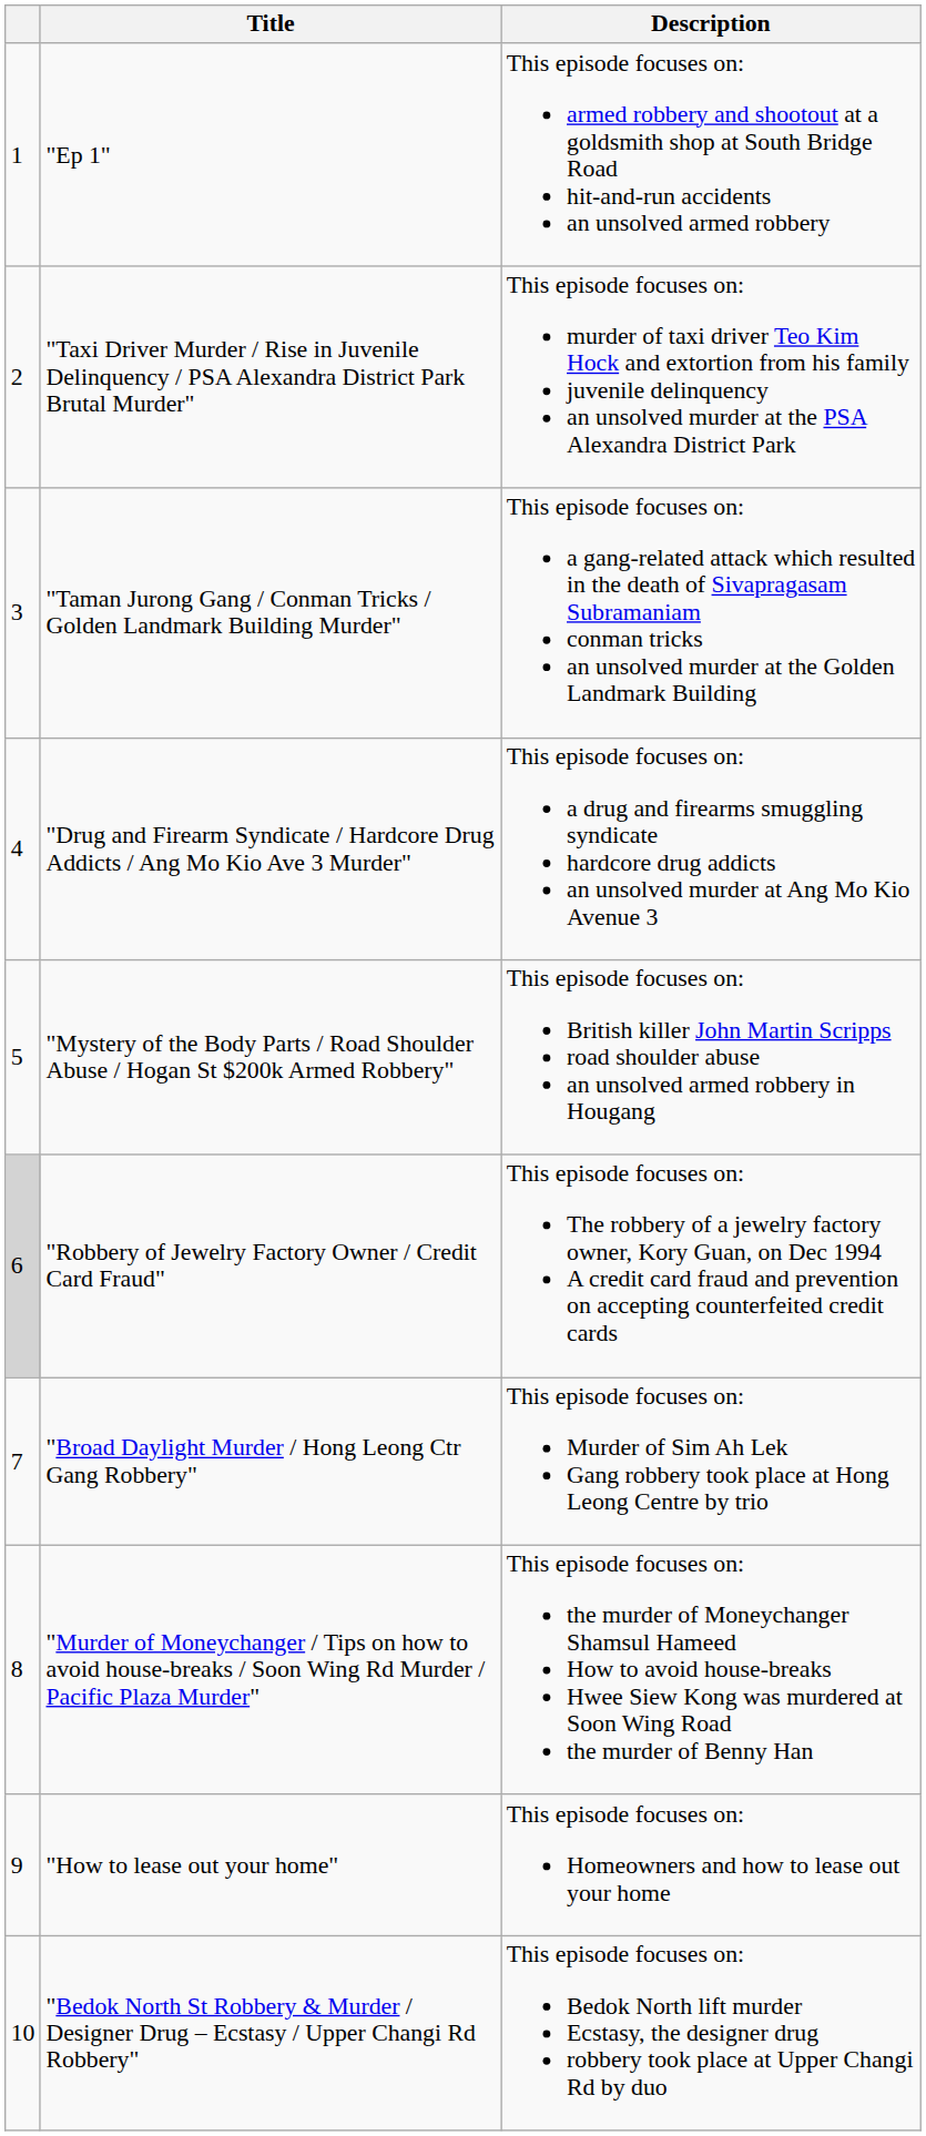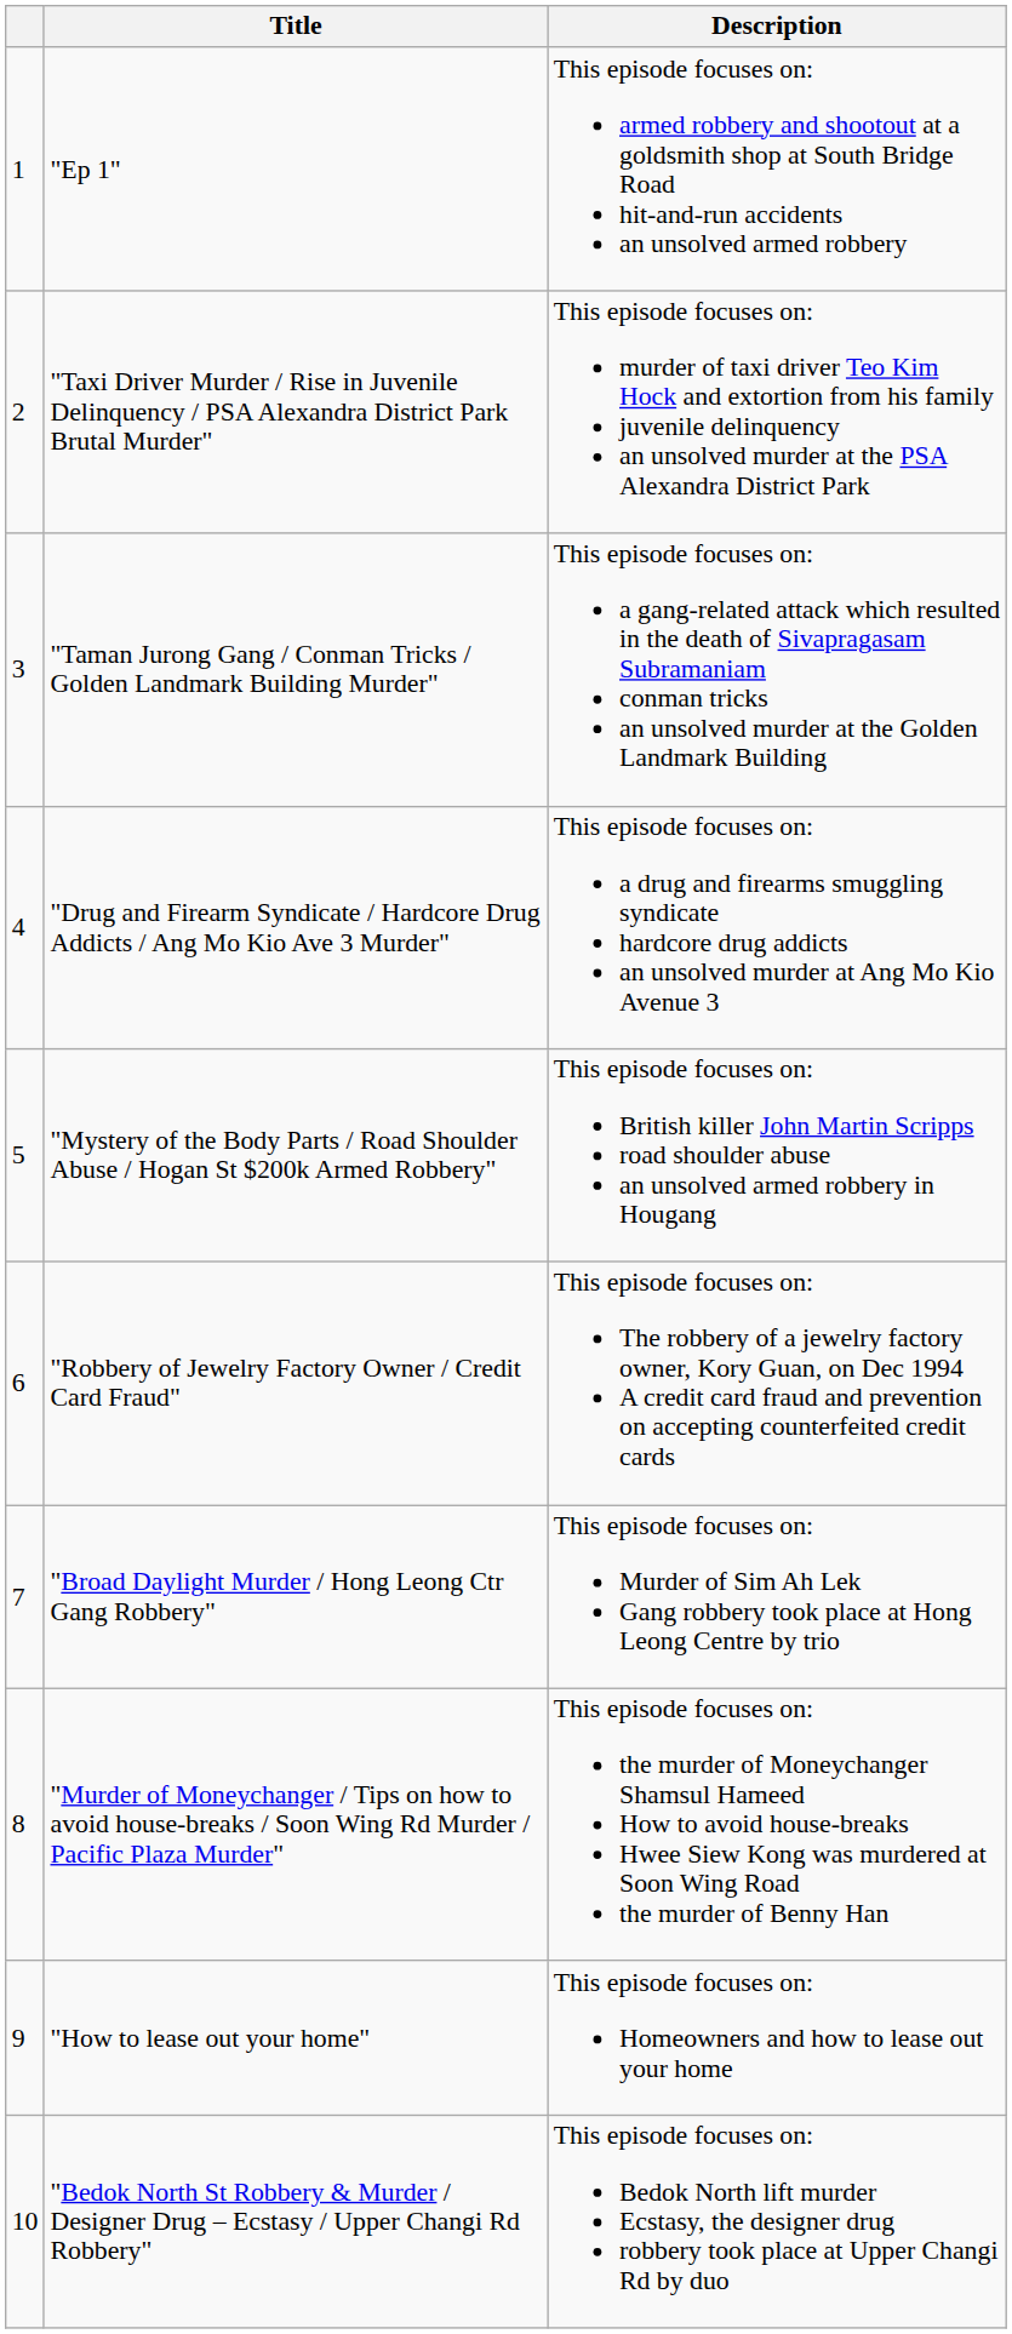 <table class="wikitable">
 <tr>
 <th></th>
 <th>Title</th>
 <th>Description</th>
 </tr>
 <tr>
 <td>1</td>
 <td>"Ep 1"</td>
 <td>This episode focuses on:<br><ul><li><a href='#'>armed robbery and shootout</a> at a goldsmith shop at South Bridge Road</li><li>hit-and-run accidents</li><li>an unsolved armed robbery</li></ul></td>
 </tr>
 <tr>
 <td>2</td>
 <td>"Taxi Driver Murder / Rise in Juvenile Delinquency / PSA Alexandra District Park Brutal Murder"</td>
 <td>This episode focuses on:<br><ul><li>murder of taxi driver <a href='#'>Teo Kim Hock</a> and extortion from his family</li><li>juvenile delinquency</li><li>an unsolved murder at the <a href='#'>PSA</a> Alexandra District Park</li></ul></td>
 </tr>
 <tr>
 <td>3</td>
 <td>"Taman Jurong Gang / Conman Tricks / Golden Landmark Building Murder"</td>
 <td>This episode focuses on:<br><ul><li>a gang-related attack which resulted in the death of  <a href='#'>Sivapragasam Subramaniam</a></li><li>conman tricks</li><li>an unsolved murder at the Golden Landmark Building</li></ul></td>
 </tr>
 <tr>
 <td>4</td>
 <td>"Drug and Firearm Syndicate / Hardcore Drug Addicts / Ang Mo Kio Ave 3 Murder"</td>
 <td>This episode focuses on:<br><ul><li>a drug and firearms smuggling syndicate</li><li>hardcore drug addicts</li><li>an unsolved murder at Ang Mo Kio Avenue 3</li></ul></td>
 </tr>
 <tr>
 <td>5</td>
 <td>"Mystery of the Body Parts / Road Shoulder Abuse / Hogan St $200k Armed Robbery"</td>
 <td>This episode focuses on:<br><ul><li>British killer <a href='#'>John Martin Scripps</a></li><li>road shoulder abuse</li><li>an unsolved armed robbery in Hougang</li></ul></td>
 </tr>
 <tr>
-<td style="background: lightgrey;">6</td>
+<td>6</td>
 <td>"Robbery of Jewelry Factory Owner / Credit Card Fraud"</td>
 <td>This episode focuses on:<br><ul><li>The robbery of a jewelry factory owner, Kory Guan, on Dec 1994</li><li>A credit card fraud and prevention on accepting counterfeited credit cards</li></ul></td>
 </tr>
 <tr>
 <td>7</td>
 <td>"<a href='#'>Broad Daylight Murder</a> / Hong Leong Ctr Gang Robbery"</td>
 <td>This episode focuses on:<br><ul><li>Murder of Sim Ah Lek</li><li>Gang robbery took place at Hong Leong Centre by trio</li></ul></td>
 </tr>
 <tr>
 <td>8</td>
 <td>"<a href='#'>Murder of Moneychanger</a> / Tips on how to avoid house-breaks / Soon Wing Rd Murder / <a href='#'>Pacific Plaza Murder</a>"</td>
 <td>This episode focuses on:<br><ul><li>the murder of Moneychanger Shamsul Hameed</li><li>How to avoid house-breaks</li><li>Hwee Siew Kong was murdered at Soon Wing Road</li><li>the murder of Benny Han</li></ul></td>
 </tr>
 <tr>
 <td>9</td>
 <td>"How to lease out your home"</td>
 <td>This episode focuses on:<br><ul><li>Homeowners and how to lease out your home</li></ul></td>
 </tr>
 <tr>
 <td>10</td>
 <td>"<a href='#'>Bedok North St Robbery & Murder</a> / Designer Drug – Ecstasy / Upper Changi Rd Robbery"</td>
 <td>This episode focuses on:<br><ul><li>Bedok North lift murder</li><li>Ecstasy, the designer drug</li><li>robbery took place at Upper Changi Rd by duo</li></ul></td>
 </tr>
 </table>
